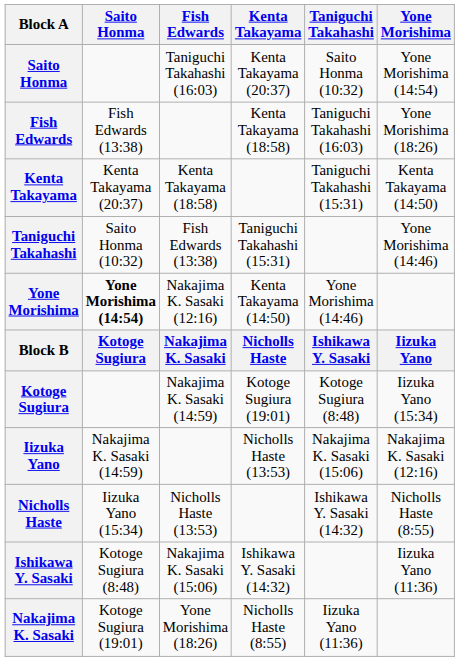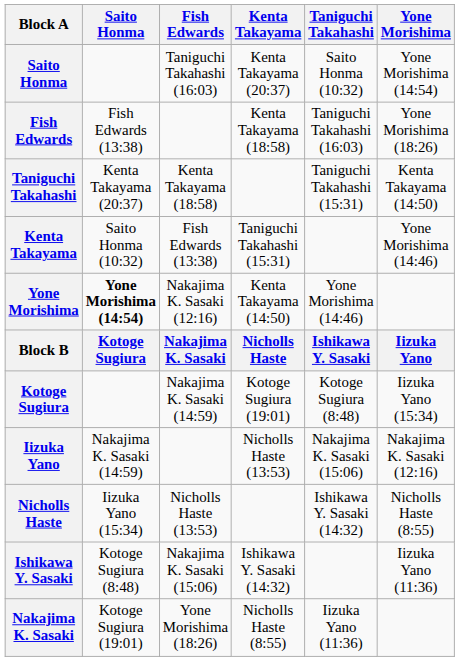 <table class="wikitable" style="margin: 1em auto 1em auto;text-align:center">
 <tr>
 <th>Block A</th>
 <th><a href='#'>Saito</a><br><a href='#'>Honma</a></th>
 <th><a href='#'>Fish</a><br><a href='#'>Edwards</a></th>
 <th><a href='#'>Kenta</a><br><a href='#'>Takayama</a></th>
 <th><a href='#'>Taniguchi</a><br><a href='#'>Takahashi</a></th>
 <th><a href='#'>Yone</a><br><a href='#'>Morishima</a></th>
 </tr>
 <tr>
 <th><a href='#'>Saito</a><br><a href='#'>Honma</a></th>
 <td></td>
 <td>Taniguchi<br>Takahashi<br>(16:03)</td>
 <td>Kenta<br>Takayama<br>(20:37)</td>
 <td>Saito<br>Honma<br>(10:32)</td>
 <td>Yone<br>Morishima<br>(14:54)</td>
 </tr>
 <tr>
 <th><a href='#'>Fish</a><br><a href='#'>Edwards</a></th>
 <td>Fish<br>Edwards<br>(13:38)</td>
 <td></td>
 <td>Kenta<br>Takayama<br>(18:58)</td>
 <td>Taniguchi<br>Takahashi<br>(16:03)</td>
 <td>Yone<br>Morishima<br>(18:26)</td>
 </tr>
 <tr>
-<th><a href='#'>Kenta</a><br><a href='#'>Takayama</a></th>
+<th><a href='#'>Taniguchi</a><br><a href='#'>Takahashi</a></th>
 <td>Kenta<br>Takayama<br>(20:37)</td>
 <td>Kenta<br>Takayama<br>(18:58)</td>
 <td></td>
 <td>Taniguchi<br>Takahashi<br>(15:31)</td>
 <td>Kenta<br>Takayama<br>(14:50)</td>
 </tr>
 <tr>
-<th><a href='#'>Taniguchi</a><br><a href='#'>Takahashi</a></th>
+<th><a href='#'>Kenta</a><br><a href='#'>Takayama</a></th>
 <td>Saito<br>Honma<br>(10:32)</td>
 <td>Fish<br>Edwards<br>(13:38)</td>
 <td>Taniguchi<br>Takahashi<br>(15:31)</td>
 <td></td>
 <td>Yone<br>Morishima<br>(14:46)</td>
 </tr>
 <tr>
 <th><a href='#'>Yone</a><br><a href='#'>Morishima</a></th>
 <td><strong>Yone<br>Morishima<br>(14:54)</strong></td>
 <td>Nakajima<br>K. Sasaki<br>(12:16)</td>
 <td>Kenta<br>Takayama<br>(14:50)</td>
 <td>Yone<br>Morishima<br>(14:46)</td>
 <td></td>
 </tr>
 <tr>
 <th>Block B</th>
 <th><a href='#'>Kotoge</a><br><a href='#'>Sugiura</a></th>
 <th><a href='#'>Nakajima</a><br><a href='#'>K. Sasaki</a></th>
 <th><a href='#'>Nicholls</a><br><a href='#'>Haste</a></th>
 <th><a href='#'>Ishikawa</a><br><a href='#'>Y. Sasaki</a></th>
 <th><a href='#'>Iizuka</a><br><a href='#'>Yano</a></th>
 </tr>
 <tr>
 <th><a href='#'>Kotoge</a><br><a href='#'>Sugiura</a></th>
 <td></td>
 <td>Nakajima<br>K. Sasaki<br>(14:59)</td>
 <td>Kotoge<br>Sugiura<br>(19:01)</td>
 <td>Kotoge<br>Sugiura<br>(8:48)</td>
 <td>Iizuka<br>Yano<br>(15:34)</td>
 </tr>
 <tr>
 <th><a href='#'>Iizuka</a><br><a href='#'>Yano</a></th>
 <td>Nakajima<br>K. Sasaki<br>(14:59)</td>
 <td></td>
 <td>Nicholls<br>Haste<br>(13:53)</td>
 <td>Nakajima<br>K. Sasaki<br>(15:06)</td>
 <td>Nakajima<br>K. Sasaki<br>(12:16)</td>
 </tr>
 <tr>
 <th><a href='#'>Nicholls</a><br><a href='#'>Haste</a></th>
 <td>Iizuka<br>Yano<br>(15:34)</td>
 <td>Nicholls<br>Haste<br>(13:53)</td>
 <td></td>
 <td>Ishikawa<br>Y. Sasaki<br>(14:32)</td>
 <td>Nicholls<br>Haste<br>(8:55)</td>
 </tr>
 <tr>
 <th><a href='#'>Ishikawa</a><br><a href='#'>Y. Sasaki</a></th>
 <td>Kotoge<br>Sugiura<br>(8:48)</td>
 <td>Nakajima<br>K. Sasaki<br>(15:06)</td>
 <td>Ishikawa<br>Y. Sasaki<br>(14:32)</td>
 <td></td>
 <td>Iizuka<br>Yano<br>(11:36)</td>
 </tr>
 <tr>
 <th><a href='#'>Nakajima</a><br><a href='#'>K. Sasaki</a></th>
 <td>Kotoge<br>Sugiura<br>(19:01)</td>
 <td>Yone<br>Morishima<br>(18:26)</td>
 <td>Nicholls<br>Haste<br>(8:55)</td>
 <td>Iizuka<br>Yano<br>(11:36)</td>
 <td></td>
 </tr>
 </table>
